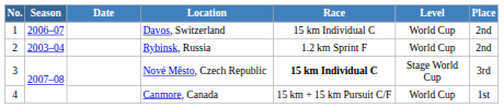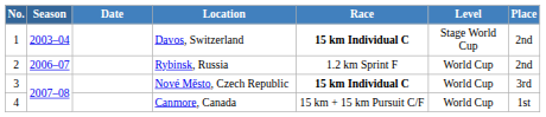 <table class="wikitable sortable" style="font-size:95%; text-align:center; border:grey solid 1px; border-collapse:collapse; background:#ffffff;">
 <tr style="background:#efefef;">
 <th style="background-color:#369; color:white;">No.</th>
 <th style="background-color:#369; color:white;">Season</th>
 <th style="background-color:#4180be; color:white; width:100px;">Date</th>
 <th style="background-color:#4180be; color:white; width:185px;">Location</th>
 <th style="background-color:#4180be; color:white; width:170px;">Race</th>
 <th style="background-color:#4180be; color:white; width:100px;">Level</th>
 <th style="background-color:#4180be; color:white;">Place</th>
 </tr>
 <tr>
 <td>1</td>
-<td><a href='#'>2006–07</a></td>
+<td><a href='#'>2003–04</a></td>
 <td style="text-align: right;"></td>
 <td style="text-align: left;"> <a href='#'>Davos</a>, Switzerland</td>
-<td>15 km Individual C</td>
-<td>World Cup</td>
+<td><strong>15 km Individual C</strong></td>
+<td>Stage World Cup</td>
 <td>2nd</td>
 </tr>
 <tr>
 <td>2</td>
-<td><a href='#'>2003–04</a></td>
+<td><a href='#'>2006–07</a></td>
 <td style="text-align: right;"></td>
 <td style="text-align: left;"> <a href='#'>Rybinsk</a>, Russia</td>
 <td>1.2 km Sprint F</td>
 <td>World Cup</td>
 <td>2nd</td>
 </tr>
 <tr>
 <td>3</td>
 <td rowspan="2"><a href='#'>2007–08</a></td>
 <td style="text-align: right;"></td>
 <td style="text-align: left;"> <a href='#'>Nové Město</a>, Czech Republic</td>
 <td><strong>15 km Individual C</strong></td>
-<td>Stage World Cup</td>
+<td>World Cup</td>
 <td>3rd</td>
 </tr>
 <tr>
 <td>4</td>
 <td style="text-align: right;"></td>
 <td style="text-align: left;"> <a href='#'>Canmore</a>, Canada</td>
 <td>15 km + 15 km Pursuit C/F</td>
 <td>World Cup</td>
 <td>1st</td>
 </tr>
 </table>
